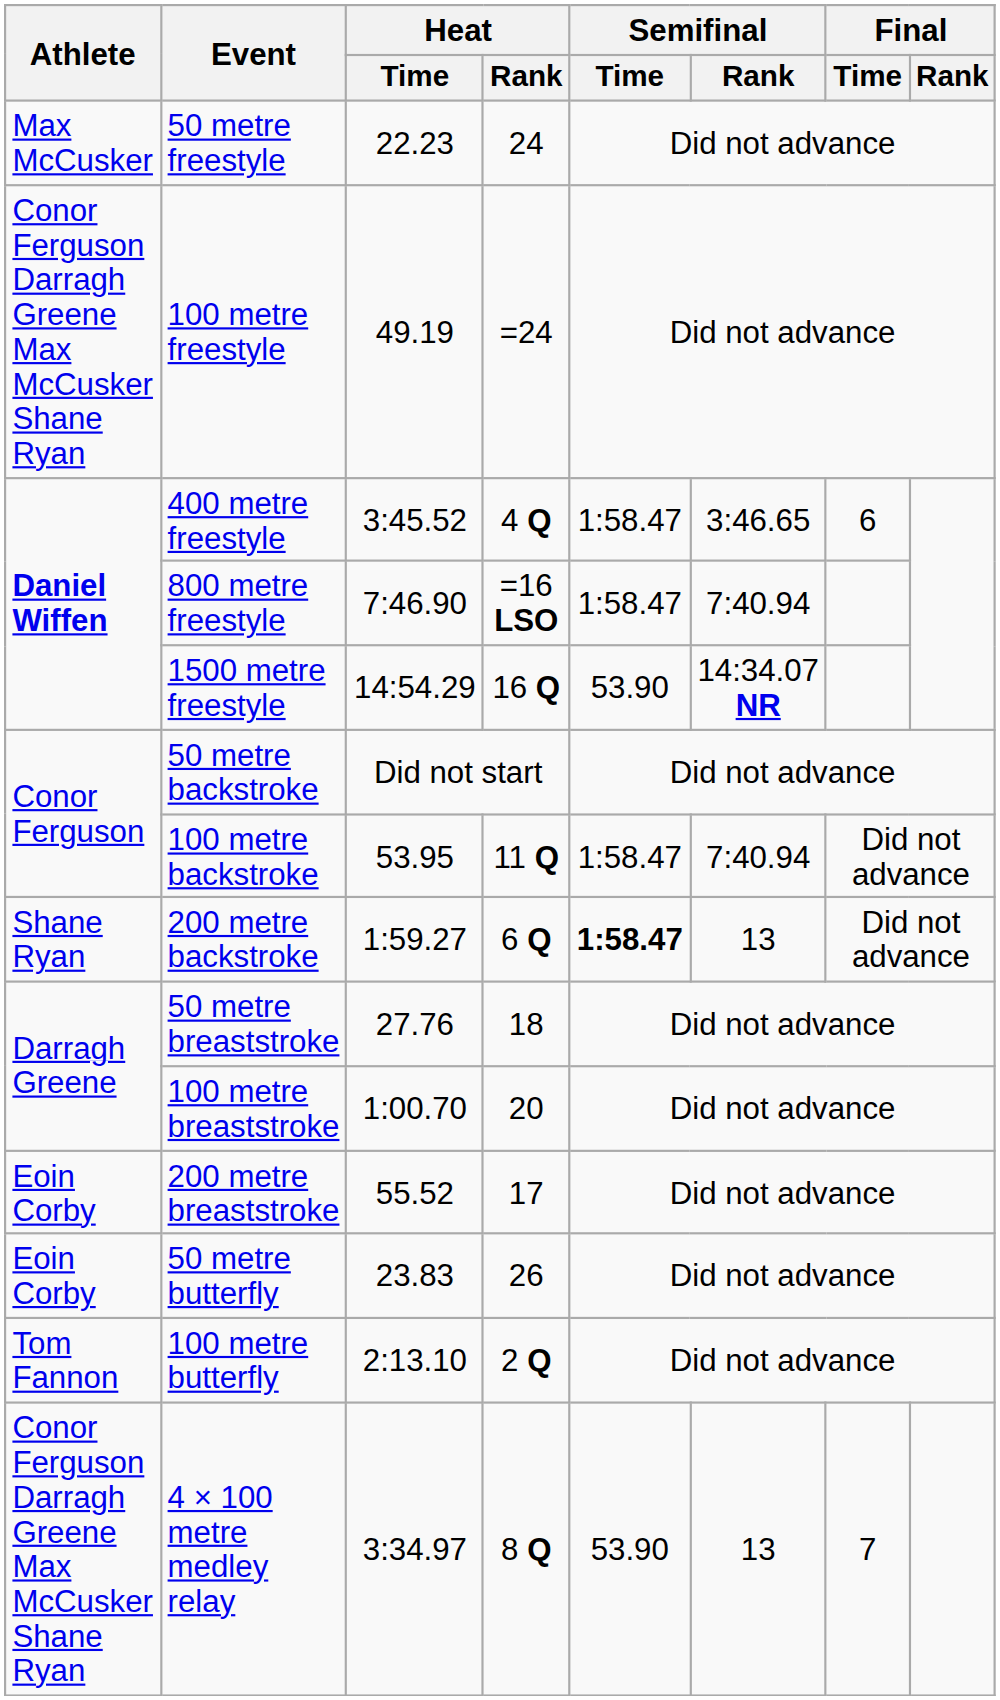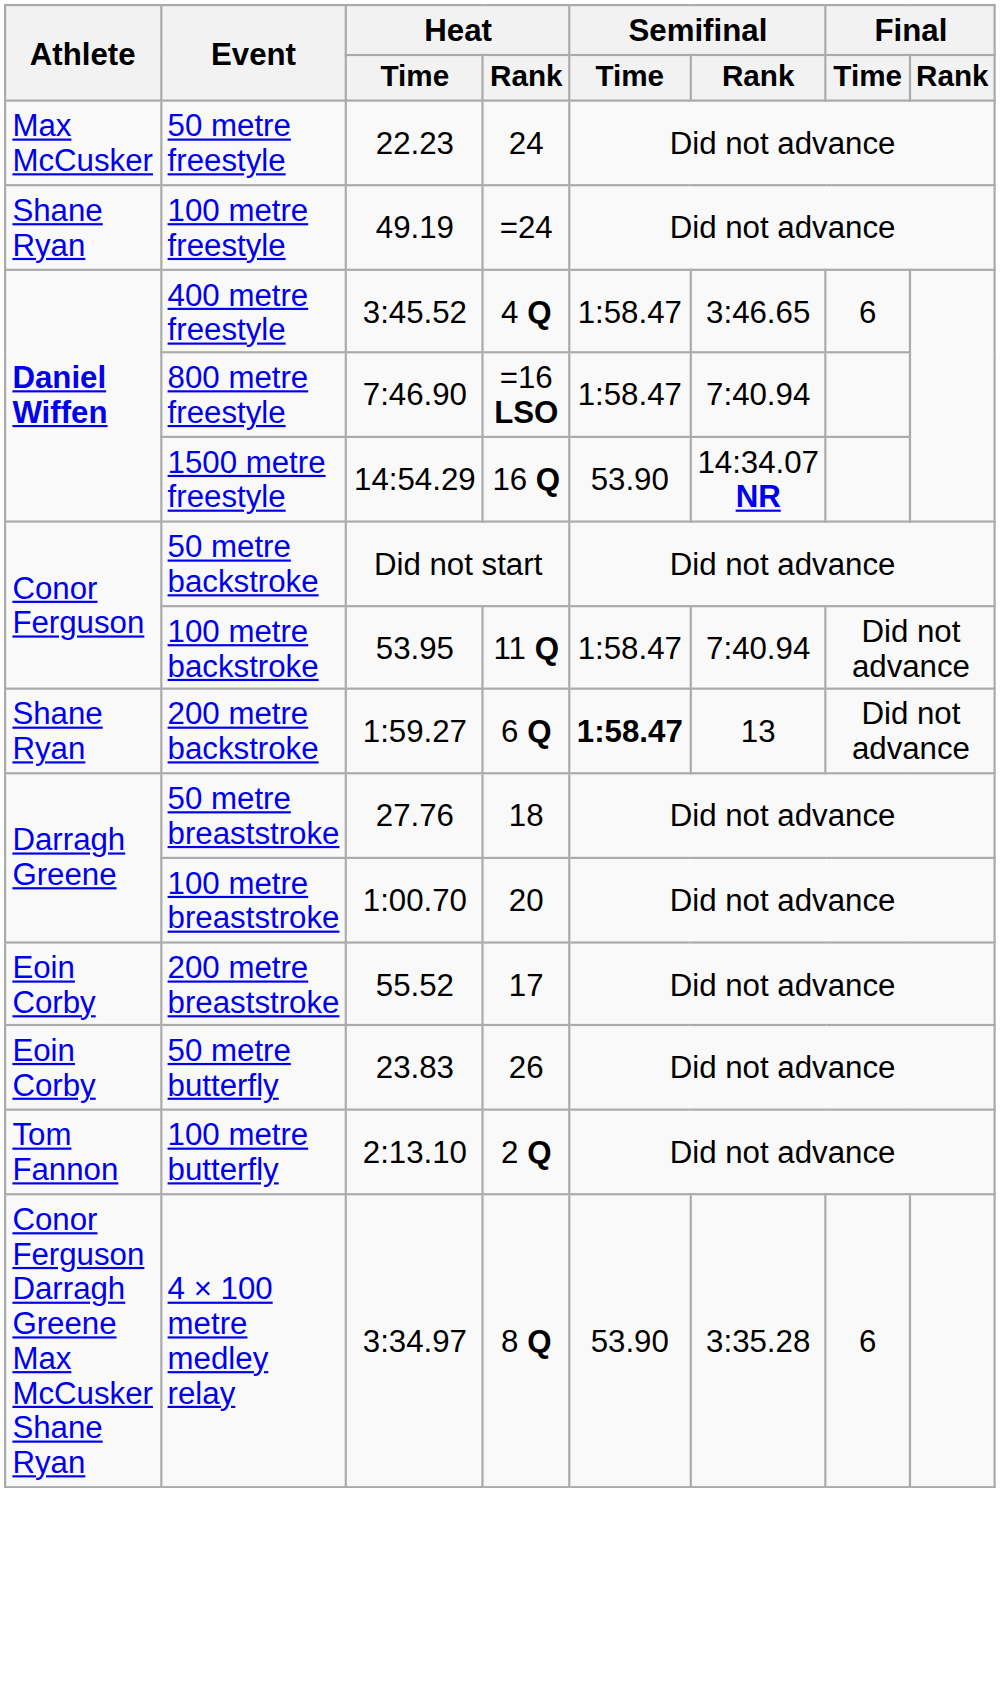 <table class="wikitable" style="text-align:center; font-size:90%; width:50%;">
 <tr>
 <th rowspan="2">Athlete</th>
 <th rowspan="2">Event</th>
 <th colspan="2">Heat</th>
 <th colspan="2">Semifinal</th>
 <th colspan="2">Final</th>
 </tr>
 <tr style="font-size:95%">
 <th>Time</th>
 <th>Rank</th>
 <th>Time</th>
 <th>Rank</th>
 <th>Time</th>
 <th>Rank</th>
 </tr>
 <tr>
 <td align=left><a href='#'>Max McCusker</a></td>
 <td align=left><a href='#'>50 metre freestyle</a></td>
 <td>22.23</td>
 <td>24</td>
 <td colspan=4>Did not advance</td>
 </tr>
 <tr>
-<td align=left><a href='#'>Conor Ferguson</a><br><a href='#'>Darragh Greene</a><br><a href='#'>Max McCusker</a><br><a href='#'>Shane Ryan</a></td>
+<td align=left><a href='#'>Shane Ryan</a></td>
 <td align=left><a href='#'>100 metre freestyle</a></td>
 <td>49.19</td>
 <td>=24</td>
 <td colspan=4>Did not advance</td>
 </tr>
 <tr>
 <td align=left rowspan=3><strong><a href='#'>Daniel Wiffen</a></strong></td>
 <td align=left><a href='#'>400 metre freestyle</a></td>
 <td>3:45.52</td>
 <td>4 <strong>Q</strong></td>
 <td>1:58.47</td>
 <td>3:46.65</td>
 <td>6</td>
 </tr>
 <tr>
 <td align=left><a href='#'>800 metre freestyle</a></td>
 <td>7:46.90</td>
 <td>=16 <strong>LSO</strong></td>
 <td>1:58.47</td>
 <td>7:40.94</td>
 <td></td>
 </tr>
 <tr>
 <td align=left><a href='#'>1500 metre freestyle</a></td>
 <td>14:54.29</td>
 <td>16 <strong>Q</strong></td>
 <td>53.90</td>
 <td>14:34.07 <strong><a href='#'>NR</a></strong></td>
 <td></td>
 </tr>
 <tr>
 <td align=left rowspan=2><a href='#'>Conor Ferguson</a></td>
 <td align=left><a href='#'>50 metre backstroke</a></td>
 <td colspan=2>Did not start</td>
 <td colspan=4>Did not advance</td>
 </tr>
 <tr>
 <td align=left><a href='#'>100 metre backstroke</a></td>
 <td>53.95</td>
 <td>11 <strong>Q</strong></td>
 <td>1:58.47</td>
 <td>7:40.94</td>
 <td colspan=2>Did not advance</td>
 </tr>
 <tr>
 <td align=left><a href='#'>Shane Ryan</a></td>
 <td align=left><a href='#'>200 metre backstroke</a></td>
 <td>1:59.27</td>
 <td>6 <strong>Q</strong></td>
 <td><strong>1:58.47</strong></td>
 <td>13</td>
 <td colspan=2>Did not advance</td>
 </tr>
 <tr>
 <td align=left rowspan=2><a href='#'>Darragh Greene</a></td>
 <td align=left><a href='#'>50 metre breaststroke</a></td>
 <td>27.76</td>
 <td>18</td>
 <td colspan=4>Did not advance</td>
 </tr>
 <tr>
 <td align=left><a href='#'>100 metre breaststroke</a></td>
 <td>1:00.70</td>
 <td>20</td>
 <td colspan=4>Did not advance</td>
 </tr>
 <tr>
 <td align=left><a href='#'>Eoin Corby</a></td>
 <td align=left><a href='#'>200 metre breaststroke</a></td>
 <td>55.52</td>
 <td>17</td>
 <td colspan=4>Did not advance</td>
 </tr>
 <tr>
 <td align=left><a href='#'>Eoin Corby</a></td>
 <td align=left><a href='#'>50 metre butterfly</a></td>
 <td>23.83</td>
 <td>26</td>
 <td colspan=4>Did not advance</td>
 </tr>
 <tr>
 <td align=left><a href='#'>Tom Fannon</a></td>
 <td align=left><a href='#'>100 metre butterfly</a></td>
 <td>2:13.10</td>
 <td>2 <strong>Q</strong></td>
 <td colspan=4>Did not advance</td>
 </tr>
 <tr>
 <td align=left><a href='#'>Conor Ferguson</a><br><a href='#'>Darragh Greene</a><br><a href='#'>Max McCusker</a><br><a href='#'>Shane Ryan</a></td>
 <td align=left><a href='#'>4 × 100 metre medley relay</a></td>
 <td>3:34.97</td>
 <td>8 <strong>Q</strong></td>
 <td>53.90</td>
-<td>13</td>
-<td>7</td>
+<td>3:35.28</td>
+<td>6</td>
 </tr>
 </table>
